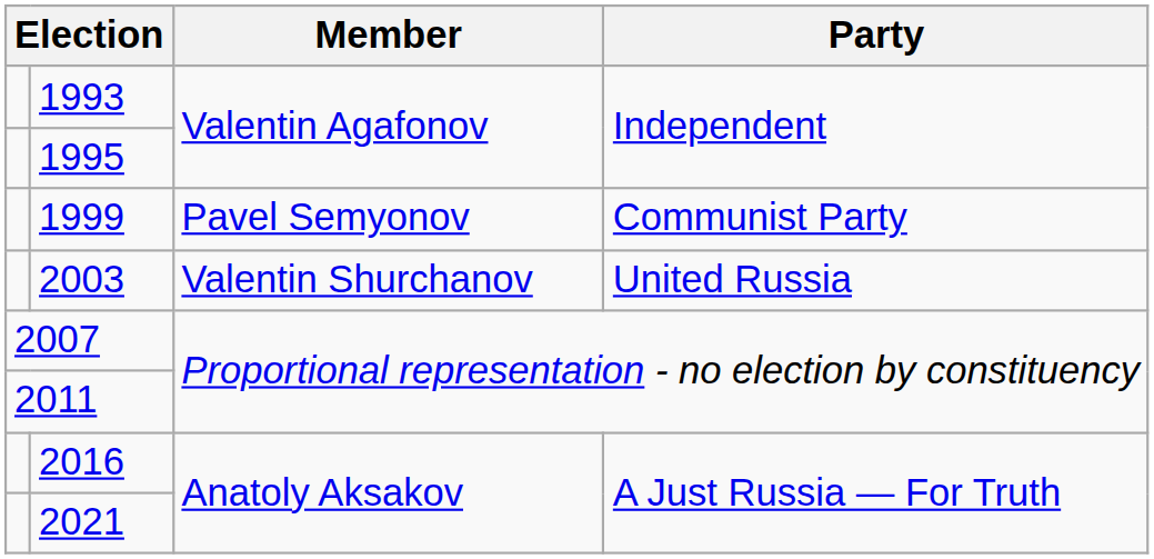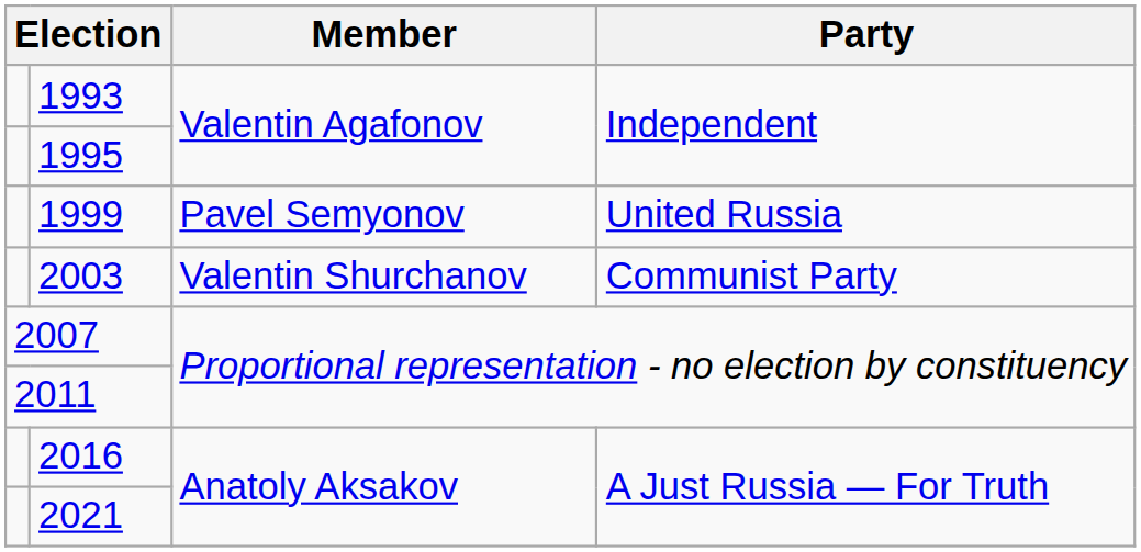 <table class="wikitable">
 <tr>
 <th colspan="2">Election</th>
 <th>Member</th>
 <th>Party</th>
 </tr>
 <tr>
 <td style="background-color:"></td>
 <td><a href='#'>1993</a></td>
 <td rowspan=2><a href='#'>Valentin Agafonov</a></td>
 <td rowspan=2><a href='#'>Independent</a></td>
 </tr>
 <tr>
 <td style="background-color:"></td>
 <td><a href='#'>1995</a></td>
 </tr>
 <tr>
 <td style="background-color:"></td>
 <td><a href='#'>1999</a></td>
 <td><a href='#'>Pavel Semyonov</a></td>
-<td><a href='#'>Communist Party</a></td>
+<td><a href='#'>United Russia</a></td>
 </tr>
 <tr>
 <td style="background-color:"></td>
 <td><a href='#'>2003</a></td>
 <td><a href='#'>Valentin Shurchanov</a></td>
-<td><a href='#'>United Russia</a></td>
+<td><a href='#'>Communist Party</a></td>
 </tr>
 <tr>
 <td colspan=2><a href='#'>2007</a></td>
 <td colspan=2 rowspan=2><em><a href='#'>Proportional representation</a> - no election by constituency</em></td>
 </tr>
 <tr>
 <td colspan=2><a href='#'>2011</a></td>
 </tr>
 <tr>
 <td style="background-color: "></td>
 <td><a href='#'>2016</a></td>
 <td rowspan=2><a href='#'>Anatoly Aksakov</a></td>
 <td rowspan=2><a href='#'>A Just Russia — For Truth</a></td>
 </tr>
 <tr>
 <td style="background-color: "></td>
 <td><a href='#'>2021</a></td>
 </tr>
 </table>
